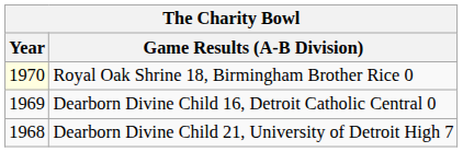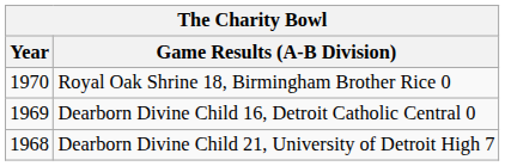 <table class="wikitable sortable">
 <tr>
 <th colspan=3>The Charity Bowl</th>
 </tr>
 <tr>
 <th>Year</th>
 <th>Game Results (A-B Division)</th>
 </tr>
 <tr>
-<td style="background: lightyellow;">1970</td>
+<td>1970</td>
 <td>Royal Oak Shrine 18, Birmingham Brother Rice 0</td>
 </tr>
 <tr>
 <td>1969</td>
 <td>Dearborn Divine Child 16, Detroit Catholic Central 0</td>
 </tr>
 <tr>
 <td>1968</td>
 <td>Dearborn Divine Child 21, University of Detroit High 7</td>
 </tr>
 </table>
